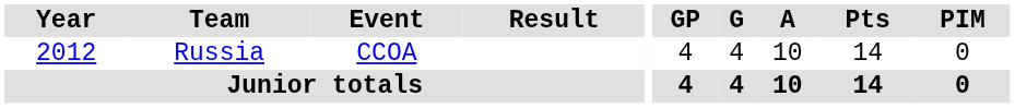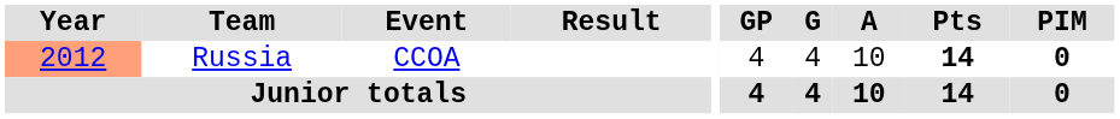 <table border="0" cellpadding="1" cellspacing="0" ID="Table3" style="text-align:center; width:40em">
 <tr ALIGN="center" bgcolor="#e0e0e0">
 <th>Year</th>
 <th>Team</th>
 <th>Event</th>
 <th>Result</th>
 <th rowspan="99" bgcolor="#ffffff"></th>
 <th>GP</th>
 <th>G</th>
 <th>A</th>
 <th>Pts</th>
 <th>PIM</th>
 </tr>
 <tr>
-<td><a href='#'>2012</a></td>
+<td style="background: lightsalmon;"><a href='#'>2012</a></td>
 <td><a href='#'>Russia</a></td>
 <td><a href='#'>CCOA</a></td>
 <td></td>
 <td>4</td>
 <td>4</td>
 <td>10</td>
-<td>14</td>
-<td>0</td>
+<td><strong>14</strong></td>
+<td><strong>0</strong></td>
 </tr>
 <tr ALIGN="center" bgcolor="#e0e0e0">
 <th colspan=4>Junior totals</th>
 <th>4</th>
 <th>4</th>
 <th>10</th>
 <th>14</th>
 <th>0</th>
 </tr>
 </table>
